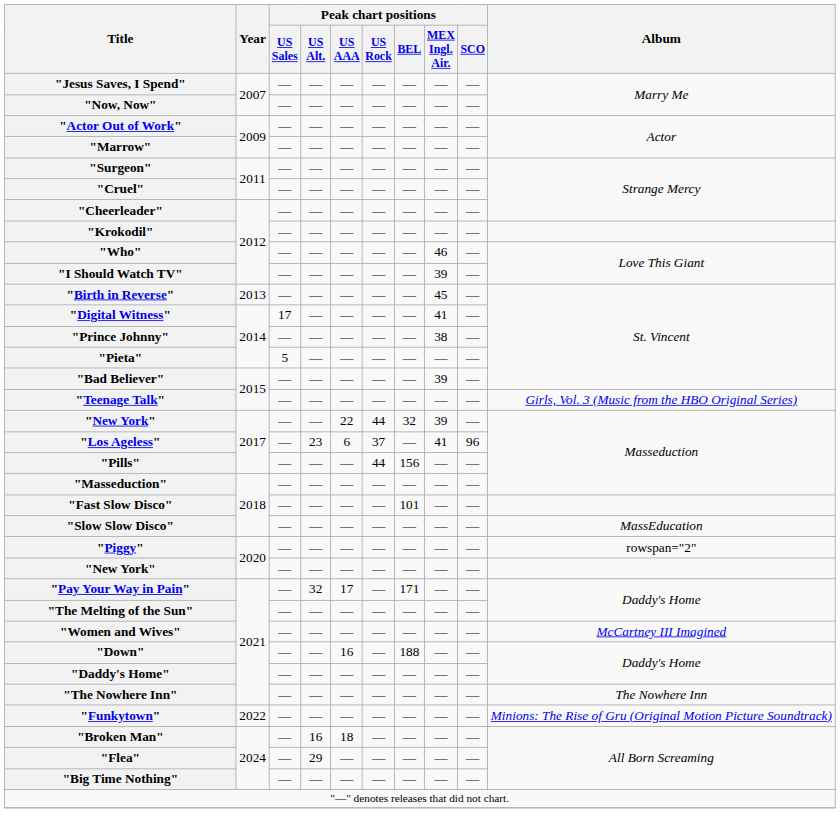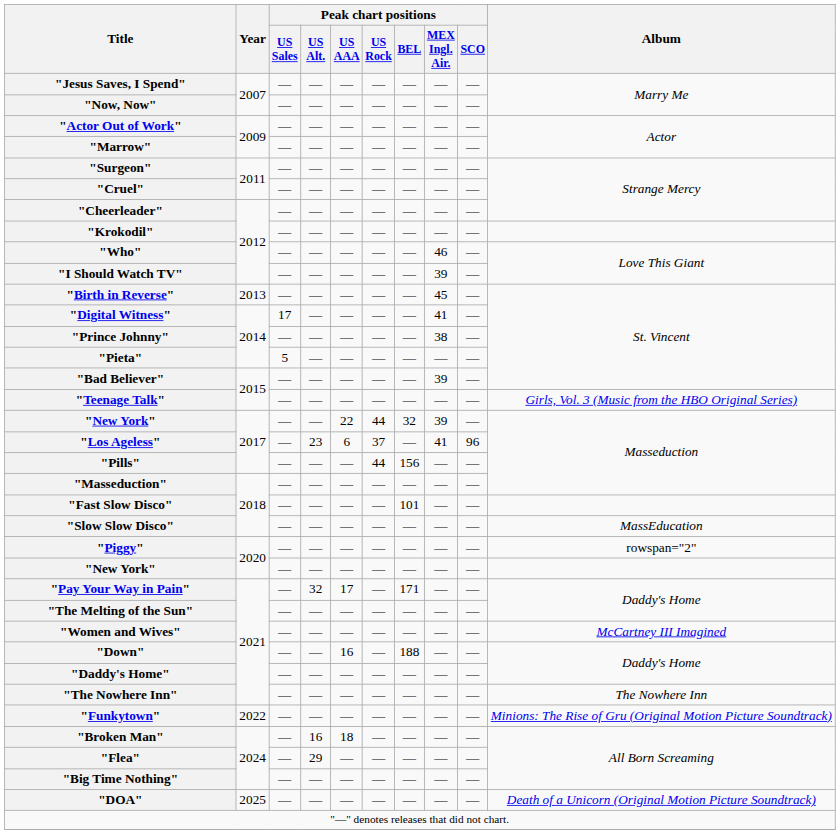 <table class="wikitable plainrowheaders" style="text-align:center;">
 <tr>
 <th scope="col" rowspan="2" style="width:17em;">Title</th>
 <th scope="col" rowspan="2">Year</th>
 <th scope="col" colspan="7">Peak chart positions</th>
 <th scope="col" rowspan="2">Album</th>
 </tr>
 <tr style="font-size:90%;">
 <th width=10><a href='#'>US<br>Sales</a><br></th>
 <th width=30><a href='#'>US<br>Alt.</a><br></th>
 <th width=30><a href='#'>US<br>AAA</a><br></th>
 <th width=10><a href='#'>US<br>Rock</a><br></th>
 <th width=10><a href='#'>BEL</a><br></th>
 <th width=10><a href='#'>MEX<br>Ingl.<br>Air.</a><br></th>
 <th width=10><a href='#'>SCO</a><br></th>
 </tr>
 <tr>
 <th scope="row">"Jesus Saves, I Spend"</th>
 <td rowspan="2">2007</td>
 <td>—</td>
 <td>—</td>
 <td>—</td>
 <td>—</td>
 <td>—</td>
 <td>—</td>
 <td>—</td>
 <td rowspan="2"><em>Marry Me</em></td>
 </tr>
 <tr>
 <th scope="row">"Now, Now"</th>
 <td>—</td>
 <td>—</td>
 <td>—</td>
 <td>—</td>
 <td>—</td>
 <td>—</td>
 <td>—</td>
 </tr>
 <tr>
 <th scope="row">"<a href='#'>Actor Out of Work</a>"</th>
 <td rowspan="2">2009</td>
 <td>—</td>
 <td>—</td>
 <td>—</td>
 <td>—</td>
 <td>—</td>
 <td>—</td>
 <td>—</td>
 <td rowspan="2"><em>Actor</em></td>
 </tr>
 <tr>
 <th scope="row">"Marrow"</th>
 <td>—</td>
 <td>—</td>
 <td>—</td>
 <td>—</td>
 <td>—</td>
 <td>—</td>
 <td>—</td>
 </tr>
 <tr>
 <th scope="row">"Surgeon"</th>
 <td rowspan="2">2011</td>
 <td>—</td>
 <td>—</td>
 <td>—</td>
 <td>—</td>
 <td>—</td>
 <td>—</td>
 <td>—</td>
 <td rowspan="3"><em>Strange Mercy</em></td>
 </tr>
 <tr>
 <th scope="row">"Cruel"</th>
 <td>—</td>
 <td>—</td>
 <td>—</td>
 <td>—</td>
 <td>—</td>
 <td>—</td>
 <td>—</td>
 </tr>
 <tr>
 <th scope="row">"Cheerleader"</th>
 <td rowspan="4">2012</td>
 <td>—</td>
 <td>—</td>
 <td>—</td>
 <td>—</td>
 <td>—</td>
 <td>—</td>
 <td>—</td>
 </tr>
 <tr>
 <th scope="row">"Krokodil"</th>
 <td>—</td>
 <td>—</td>
 <td>—</td>
 <td>—</td>
 <td>—</td>
 <td>—</td>
 <td>—</td>
 <td></td>
 </tr>
 <tr>
 <th scope="row">"Who" </th>
 <td>—</td>
 <td>—</td>
 <td>—</td>
 <td>—</td>
 <td>—</td>
 <td>46</td>
 <td>—</td>
 <td rowspan="2"><em>Love This Giant</em></td>
 </tr>
 <tr>
 <th scope="row">"I Should Watch TV" </th>
 <td>—</td>
 <td>—</td>
 <td>—</td>
 <td>—</td>
 <td>—</td>
 <td>39</td>
 <td>—</td>
 </tr>
 <tr>
 <th scope="row">"<a href='#'>Birth in Reverse</a>"</th>
 <td>2013</td>
 <td>—</td>
 <td>—</td>
 <td>—</td>
 <td>—</td>
 <td>—</td>
 <td>45</td>
 <td>—</td>
 <td rowspan="5"><em>St. Vincent</em></td>
 </tr>
 <tr>
 <th scope="row">"<a href='#'>Digital Witness</a>"</th>
 <td rowspan="3">2014</td>
 <td>17</td>
 <td>—</td>
 <td>—</td>
 <td>—</td>
 <td>—</td>
 <td>41</td>
 <td>—</td>
 </tr>
 <tr>
 <th scope="row">"Prince Johnny"</th>
 <td>—</td>
 <td>—</td>
 <td>—</td>
 <td>—</td>
 <td>—</td>
 <td>38</td>
 <td>—</td>
 </tr>
 <tr>
 <th scope="row">"Pieta"</th>
 <td>5</td>
 <td>—</td>
 <td>—</td>
 <td>—</td>
 <td>—</td>
 <td>—</td>
 <td>—</td>
 </tr>
 <tr>
 <th scope="row">"Bad Believer"</th>
 <td rowspan="2">2015</td>
 <td>—</td>
 <td>—</td>
 <td>—</td>
 <td>—</td>
 <td>—</td>
 <td>39</td>
 <td>—</td>
 </tr>
 <tr>
 <th scope="row">"<a href='#'>Teenage Talk</a>"</th>
 <td>—</td>
 <td>—</td>
 <td>—</td>
 <td>—</td>
 <td>—</td>
 <td>—</td>
 <td>—</td>
 <td><em><a href='#'>Girls, Vol. 3 (Music from the HBO Original Series)</a></em></td>
 </tr>
 <tr>
 <th scope="row">"<a href='#'>New York</a>"</th>
 <td rowspan="3">2017</td>
 <td>—</td>
 <td>—</td>
 <td>22</td>
 <td>44</td>
 <td>32</td>
 <td>39</td>
 <td>—</td>
 <td rowspan="4"><em>Masseduction</em></td>
 </tr>
 <tr>
 <th scope="row">"<a href='#'>Los Ageless</a>"</th>
 <td>—</td>
 <td>23</td>
 <td>6</td>
 <td>37</td>
 <td>—</td>
 <td>41</td>
 <td>96</td>
 </tr>
 <tr>
 <th scope="row">"Pills"</th>
 <td>—</td>
 <td>—</td>
 <td>—</td>
 <td>44</td>
 <td>156</td>
 <td>—</td>
 <td>—</td>
 </tr>
 <tr>
 <th scope="row">"Masseduction"</th>
 <td rowspan="3">2018</td>
 <td>—</td>
 <td>—</td>
 <td>—</td>
 <td>—</td>
 <td>—</td>
 <td>—</td>
 <td>—</td>
 </tr>
 <tr>
 <th scope="row">"Fast Slow Disco"</th>
 <td>—</td>
 <td>—</td>
 <td>—</td>
 <td>—</td>
 <td>101</td>
 <td>—</td>
 <td>—</td>
 <td></td>
 </tr>
 <tr>
 <th scope="row">"Slow Slow Disco"</th>
 <td>—</td>
 <td>—</td>
 <td>—</td>
 <td>—</td>
 <td>—</td>
 <td>—</td>
 <td>—</td>
 <td><em>MassEducation</em></td>
 </tr>
 <tr>
 <th scope="row">"<a href='#'>Piggy</a>"</th>
 <td rowspan="2">2020</td>
 <td>—</td>
 <td>—</td>
 <td>—</td>
 <td>—</td>
 <td>—</td>
 <td>—</td>
 <td>—</td>
 <td>rowspan="2" </td>
 </tr>
 <tr>
 <th scope="row">"New York" </th>
 <td>—</td>
 <td>—</td>
 <td>—</td>
 <td>—</td>
 <td>—</td>
 <td>—</td>
 <td>—</td>
 </tr>
 <tr>
 <th scope="row">"<a href='#'>Pay Your Way in Pain</a>"</th>
 <td rowspan="6">2021</td>
 <td>—</td>
 <td>32</td>
 <td>17</td>
 <td>—</td>
 <td>171</td>
 <td>—</td>
 <td>—</td>
 <td rowspan="2"><em>Daddy's Home</em></td>
 </tr>
 <tr>
 <th scope="row">"The Melting of the Sun"</th>
 <td>—</td>
 <td>—</td>
 <td>—</td>
 <td>—</td>
 <td>—</td>
 <td>—</td>
 <td>—</td>
 </tr>
 <tr>
 <th scope="row">"Women and Wives"<br></th>
 <td>—</td>
 <td>—</td>
 <td>—</td>
 <td>—</td>
 <td>—</td>
 <td>—</td>
 <td>—</td>
 <td><em><a href='#'>McCartney III Imagined</a></em></td>
 </tr>
 <tr>
 <th scope="row">"Down"</th>
 <td>—</td>
 <td>—</td>
 <td>16</td>
 <td>—</td>
 <td>188</td>
 <td>—</td>
 <td>—</td>
 <td rowspan="2"><em>Daddy's Home</em></td>
 </tr>
 <tr>
 <th scope="row">"Daddy's Home"</th>
 <td>—</td>
 <td>—</td>
 <td>—</td>
 <td>—</td>
 <td>—</td>
 <td>—</td>
 <td>—</td>
 </tr>
 <tr>
 <th scope="row">"The Nowhere Inn"</th>
 <td>—</td>
 <td>—</td>
 <td>—</td>
 <td>—</td>
 <td>—</td>
 <td>—</td>
 <td>—</td>
 <td><em>The Nowhere Inn</em></td>
 </tr>
 <tr>
 <th scope="row">"<a href='#'>Funkytown</a>"</th>
 <td>2022</td>
 <td>—</td>
 <td>—</td>
 <td>—</td>
 <td>—</td>
 <td>—</td>
 <td>—</td>
 <td>—</td>
 <td><em><a href='#'>Minions: The Rise of Gru (Original Motion Picture Soundtrack)</a></em></td>
 </tr>
 <tr>
 <th scope="row">"Broken Man"</th>
 <td rowspan="3">2024</td>
 <td>—</td>
 <td>16</td>
 <td>18</td>
 <td>—</td>
 <td>—</td>
 <td>—</td>
 <td>—</td>
 <td rowspan="3"><em>All Born Screaming</em></td>
 </tr>
 <tr>
 <th scope="row">"Flea"</th>
 <td>—</td>
 <td>29</td>
 <td>—</td>
 <td>—</td>
 <td>—</td>
 <td>—</td>
 <td>—</td>
 </tr>
 <tr>
 <th scope="row">"Big Time Nothing"</th>
 <td>—</td>
 <td>—</td>
 <td>—</td>
 <td>—</td>
 <td>—</td>
 <td>—</td>
 <td>—</td>
 </tr>
 <tr>
+<th scope="row">"DOA"</th>
+<td>2025</td>
+<td>—</td>
+<td>—</td>
+<td>—</td>
+<td>—</td>
+<td>—</td>
+<td>—</td>
+<td>—</td>
+<td><em><a href='#'>Death of a Unicorn (Original Motion Picture Soundtrack)</a></em></td>
+</tr>
+<tr>
 <td colspan="10" style="font-size:85%;">"—" denotes releases that did not chart.</td>
 </tr>
 <tr>
 </tr>
 </table>
